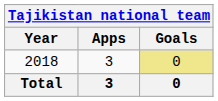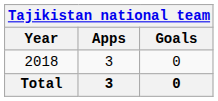 <table class="wikitable" style="text-align:center">
 <tr>
 <th colspan=3><a href='#'>Tajikistan national team</a></th>
 </tr>
 <tr>
 <th>Year</th>
 <th>Apps</th>
 <th>Goals</th>
 </tr>
 <tr>
 <td>2018</td>
 <td>3</td>
-<td style="background: khaki;">0</td>
+<td>0</td>
 </tr>
 <tr>
 <th>Total</th>
 <th>3</th>
 <th>0</th>
 </tr>
 </table>
